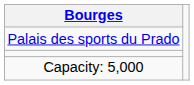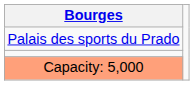 <table class="wikitable" style="text-align:center; margin:1em auto;">
 <tr>
 <th><a href='#'>Bourges</a></th>
 <td rowspan=4></td>
 </tr>
 <tr>
 <td><a href='#'>Palais des sports du Prado</a></td>
 </tr>
 <tr>
 <td></td>
 </tr>
 <tr>
-<td>Capacity: 5,000</td>
+<td style="background: lightsalmon;">Capacity: 5,000</td>
 </tr>
 </table>
